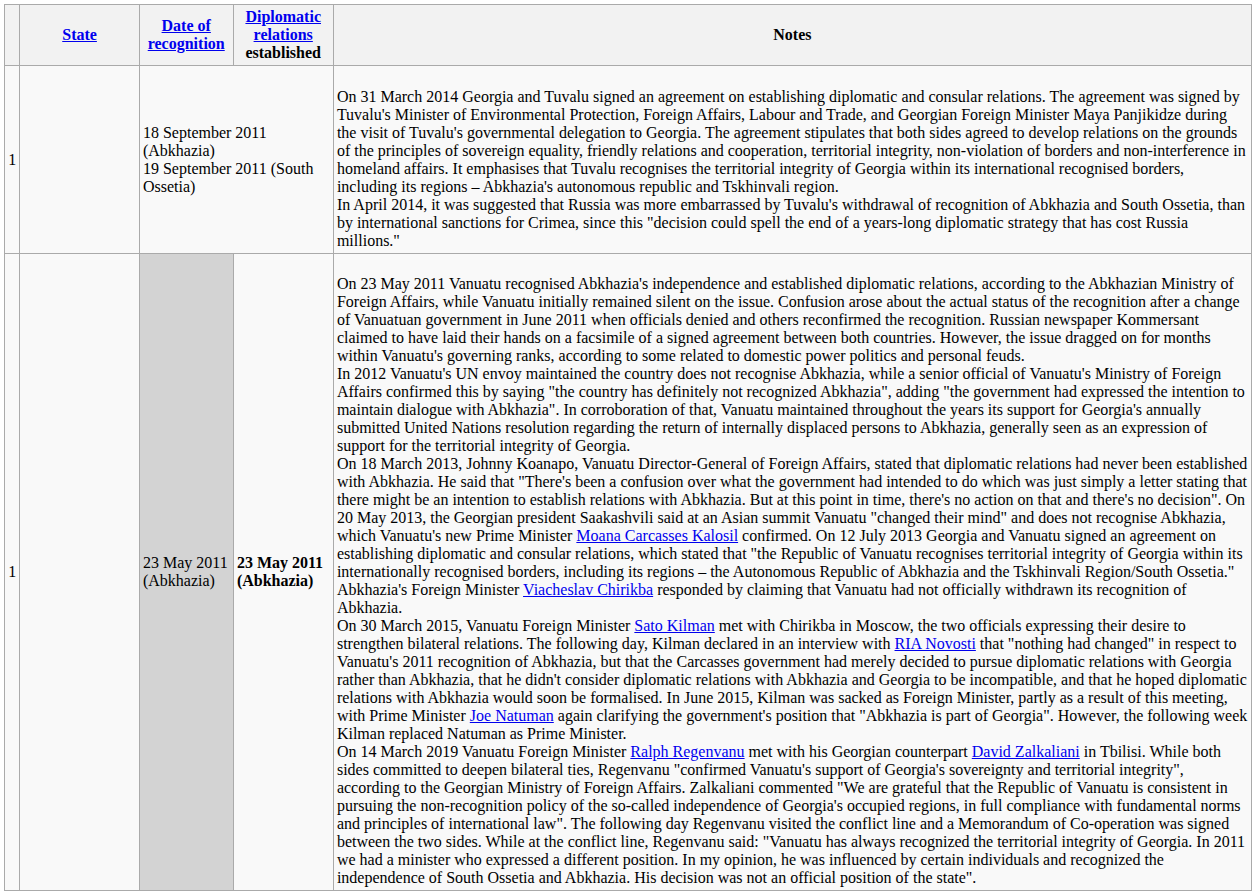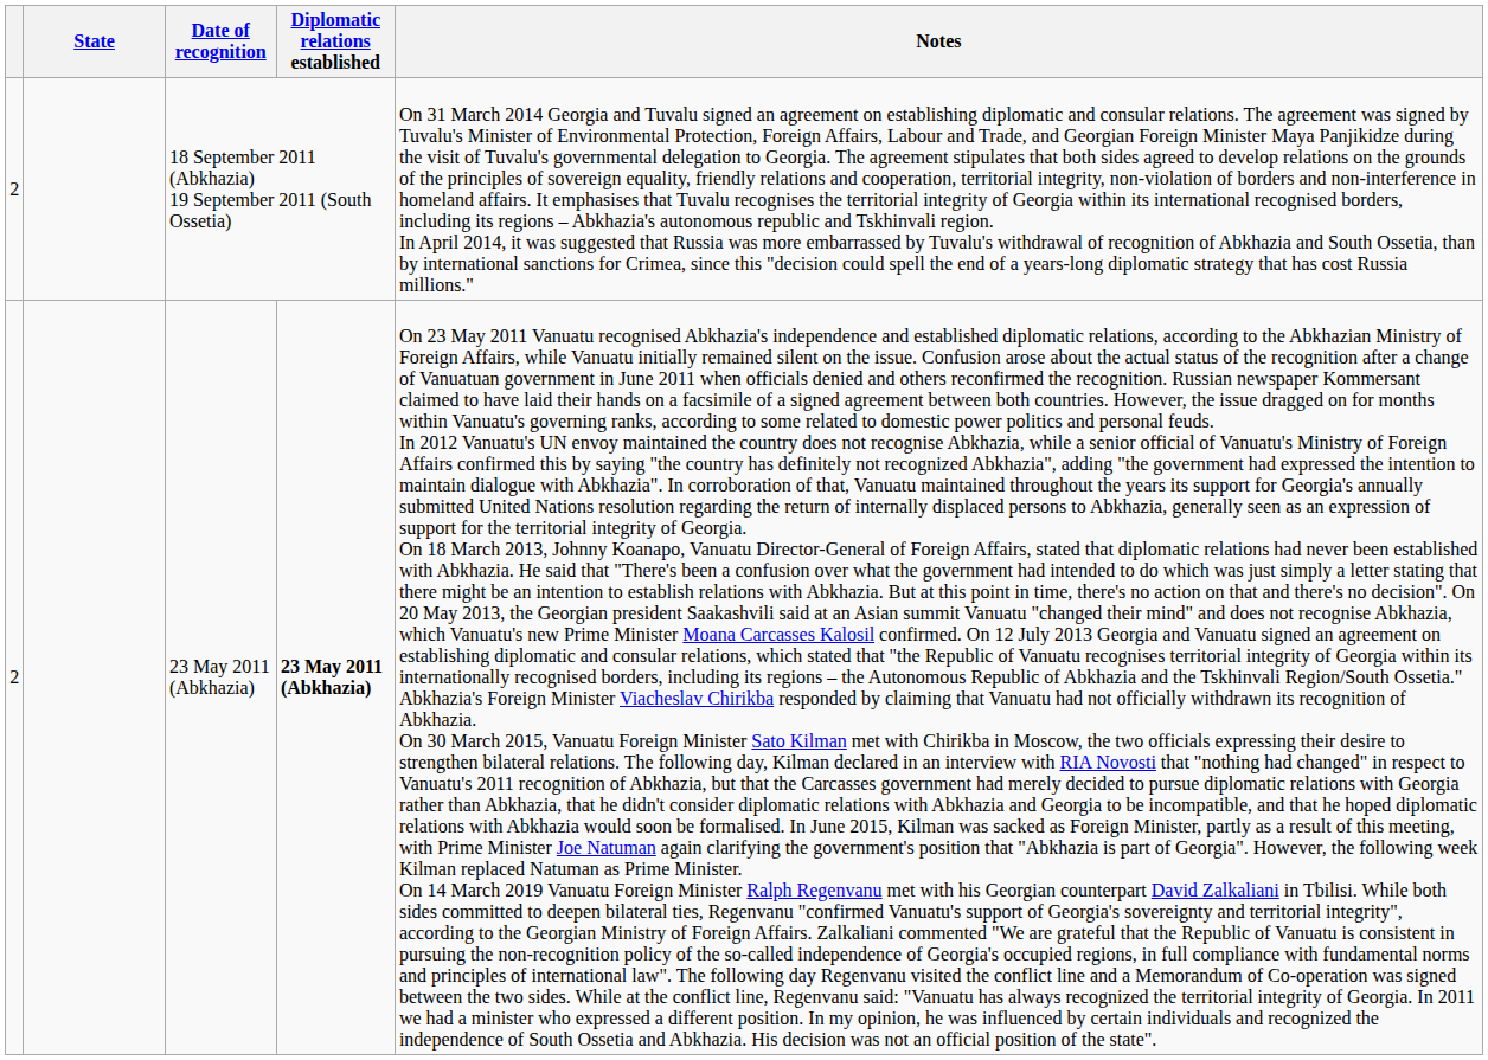 <table class="wikitable sortable">
 <tr>
 <th></th>
 <th style="width:7em"><a href='#'>State</a></th>
 <th><a href='#'>Date of recognition</a></th>
 <th><a href='#'>Diplomatic relations</a> established</th>
 <th>Notes</th>
 </tr>
 <tr>
-<td>1</td>
+<td>2</td>
 <td></td>
 <td colspan=2>18 September 2011 (Abkhazia)<br> 19 September 2011 (South Ossetia)</td>
 <td><br>On 31 March 2014 Georgia and Tuvalu signed an agreement on establishing diplomatic and consular relations. The agreement was signed by Tuvalu's Minister of Environmental Protection, Foreign Affairs, Labour and Trade, and Georgian Foreign Minister Maya Panjikidze during the visit of Tuvalu's governmental delegation to Georgia. The agreement stipulates that both sides agreed to develop relations on the grounds of the principles of sovereign equality, friendly relations and cooperation, territorial integrity, non-violation of borders and non-interference in homeland affairs. It emphasises that Tuvalu recognises the territorial integrity of Georgia within its international recognised borders, including its regions – Abkhazia's autonomous republic and Tskhinvali region.<br>In April 2014, it was suggested that Russia was more embarrassed by Tuvalu's withdrawal of recognition of Abkhazia and South Ossetia, than by international sanctions for Crimea, since this "decision could spell the end of a years-long diplomatic strategy that has cost Russia millions."</td>
 </tr>
 <tr>
-<td>1</td>
+<td>2</td>
 <td></td>
-<td style="background: lightgrey;">23 May 2011 (Abkhazia)</td>
+<td>23 May 2011 (Abkhazia)</td>
 <td><strong>23 May 2011 (Abkhazia)</strong></td>
 <td><br>On 23 May 2011 Vanuatu recognised Abkhazia's independence and established diplomatic relations, according to the Abkhazian Ministry of Foreign Affairs, while Vanuatu initially remained silent on the issue. Confusion arose about the actual status of the recognition after a change of Vanuatuan government in June 2011 when officials denied and others reconfirmed the recognition. Russian newspaper Kommersant claimed to have laid their hands on a facsimile of a signed agreement between both countries. However, the issue dragged on for months within Vanuatu's governing ranks, according to some related to domestic power politics and personal feuds.<br>In 2012 Vanuatu's UN envoy maintained the country does not recognise Abkhazia, while a senior official of Vanuatu's Ministry of Foreign Affairs confirmed this by saying "the country has definitely not recognized Abkhazia", adding "the government had expressed the intention to maintain dialogue with Abkhazia". In corroboration of that, Vanuatu maintained throughout the years its support for Georgia's annually submitted United Nations resolution regarding the return of internally displaced persons to Abkhazia, generally seen as an expression of support for the territorial integrity of Georgia.<br>On 18 March 2013, Johnny Koanapo, Vanuatu Director-General of Foreign Affairs, stated that diplomatic relations had never been established with Abkhazia. He said that "There's been a confusion over what the government had intended to do which was just simply a letter stating that there might be an intention to establish relations with Abkhazia. But at this point in time, there's no action on that and there's no decision". On 20 May 2013, the Georgian president Saakashvili said at an Asian summit Vanuatu "changed their mind" and does not recognise Abkhazia, which Vanuatu's new Prime Minister <a href='#'>Moana Carcasses Kalosil</a> confirmed. On 12 July 2013 Georgia and Vanuatu signed an agreement on establishing diplomatic and consular relations, which stated that "the Republic of Vanuatu recognises territorial integrity of Georgia within its internationally recognised borders, including its regions – the Autonomous Republic of Abkhazia and the Tskhinvali Region/South Ossetia." Abkhazia's Foreign Minister <a href='#'>Viacheslav Chirikba</a> responded by claiming that Vanuatu had not officially withdrawn its recognition of Abkhazia.<br>On 30 March 2015, Vanuatu Foreign Minister <a href='#'>Sato Kilman</a> met with Chirikba in Moscow, the two officials expressing their desire to strengthen bilateral relations. The following day, Kilman declared in an interview with <a href='#'>RIA Novosti</a> that "nothing had changed" in respect to Vanuatu's 2011 recognition of Abkhazia, but that the Carcasses government had merely decided to pursue diplomatic relations with Georgia rather than Abkhazia, that he didn't consider diplomatic relations with Abkhazia and Georgia to be incompatible, and that he hoped diplomatic relations with Abkhazia would soon be formalised. In June 2015, Kilman was sacked as Foreign Minister, partly as a result of this meeting, with Prime Minister <a href='#'>Joe Natuman</a> again clarifying the government's position that "Abkhazia is part of Georgia". However, the following week Kilman replaced Natuman as Prime Minister.<br>On 14 March 2019 Vanuatu Foreign Minister <a href='#'>Ralph Regenvanu</a> met with his Georgian counterpart <a href='#'>David Zalkaliani</a> in Tbilisi. While both sides committed to deepen bilateral ties, Regenvanu "confirmed Vanuatu's support of Georgia's sovereignty and territorial integrity", according to the Georgian Ministry of Foreign Affairs. Zalkaliani commented "We are grateful that the Republic of Vanuatu is consistent in pursuing the non-recognition policy of the so-called independence of Georgia's occupied regions, in full compliance with fundamental norms and principles of international law". The following day Regenvanu visited the conflict line and a Memorandum of Co-operation was signed between the two sides. While at the conflict line, Regenvanu said: "Vanuatu has always recognized the territorial integrity of Georgia. In 2011 we had a minister who expressed a different position. In my opinion, he was influenced by certain individuals and recognized the independence of South Ossetia and Abkhazia. His decision was not an official position of the state".</td>
 </tr>
 </table>
